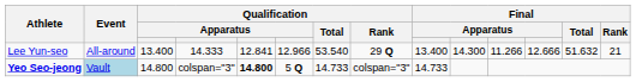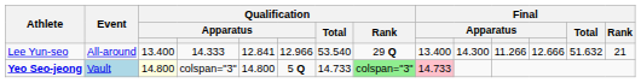 <table class="wikitable" style="font-size:90%; text-align:center">
 <tr>
 <th rowspan="3">Athlete</th>
 <th rowspan="3">Event</th>
 <th colspan="6">Qualification</th>
 <th colspan="6">Final</th>
 </tr>
 <tr style="font-size:95%">
 <th colspan="4">Apparatus</th>
 <th rowspan="2">Total</th>
 <th rowspan="2">Rank</th>
 <th colspan="4">Apparatus</th>
 <th rowspan="2">Total</th>
 <th rowspan="2">Rank</th>
 </tr>
 <tr style="font-size:95%">
 <th></th>
 <th></th>
 <th></th>
 <th></th>
 <th></th>
 <th></th>
 <th></th>
 <th></th>
 </tr>
 <tr>
 <td style="text-align:left"><a href='#'>Lee Yun-seo</a></td>
 <td style="text-align:left"><a href='#'>All-around</a></td>
 <td>13.400</td>
 <td>14.333</td>
 <td>12.841</td>
 <td>12.966</td>
 <td>53.540</td>
 <td>29 <strong>Q</strong></td>
 <td>13.400</td>
 <td>14.300</td>
 <td>11.266</td>
 <td>12.666</td>
 <td>51.632</td>
 <td>21</td>
 </tr>
 <tr>
 <td style="text-align:left"><strong><a href='#'>Yeo Seo-jeong</a></strong></td>
 <td style="background: lightblue; text-align:left"><a href='#'>Vault</a></td>
+<td style="background: lightyellow;">14.800</td>
+<td>colspan="3" </td>
 <td>14.800</td>
-<td>colspan="3" </td>
-<td><strong>14.800</strong></td>
 <td>5 <strong>Q</strong></td>
 <td>14.733</td>
-<td>colspan="3" </td>
-<td>14.733</td>
+<td style="background: lightgreen;">colspan="3" </td>
+<td style="background: pink;">14.733</td>
 <td></td>
 </tr>
 </table>
